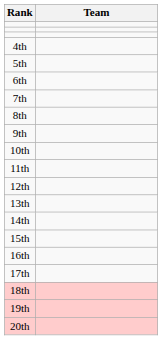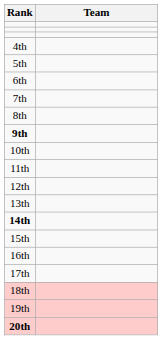 <table class=wikitable style="text-align:center;">
 <tr>
 <th>Rank</th>
 <th width=170>Team</th>
 </tr>
 <tr>
 <td></td>
 <td align=left></td>
 </tr>
 <tr>
 <td></td>
 <td align=left></td>
 </tr>
 <tr>
 <td></td>
 <td align=left></td>
 </tr>
 <tr>
 <td>4th</td>
 <td align=left></td>
 </tr>
 <tr>
 <td>5th</td>
 <td align=left></td>
 </tr>
 <tr>
 <td>6th</td>
 <td align=left></td>
 </tr>
 <tr>
 <td>7th</td>
 <td align=left></td>
 </tr>
 <tr>
 <td>8th</td>
 <td align=left></td>
 </tr>
 <tr>
-<td>9th</td>
+<td><strong>9th</strong></td>
 <td align=left></td>
 </tr>
 <tr>
 <td>10th</td>
 <td align=left></td>
 </tr>
 <tr>
 <td>11th</td>
 <td align=left></td>
 </tr>
 <tr>
 <td>12th</td>
 <td align=left></td>
 </tr>
 <tr>
 <td>13th</td>
 <td align=left></td>
 </tr>
 <tr>
-<td>14th</td>
+<td><strong>14th</strong></td>
 <td align=left></td>
 </tr>
 <tr>
 <td>15th</td>
 <td align=left></td>
 </tr>
 <tr>
 <td>16th</td>
 <td align=left></td>
 </tr>
 <tr>
 <td>17th</td>
 <td align=left></td>
 </tr>
 <tr bgcolor=#ffcccc>
 <td>18th</td>
 <td align=left></td>
 </tr>
 <tr bgcolor=#ffcccc>
 <td>19th</td>
 <td align=left></td>
 </tr>
 <tr bgcolor=#ffcccc>
-<td>20th</td>
+<td><strong>20th</strong></td>
 <td align=left></td>
 </tr>
 </table>
